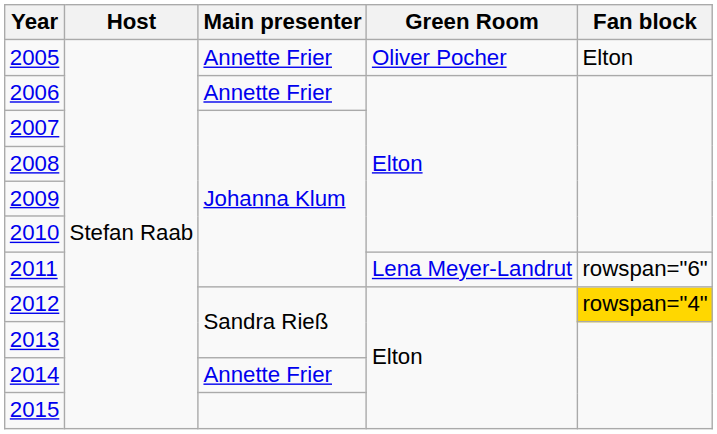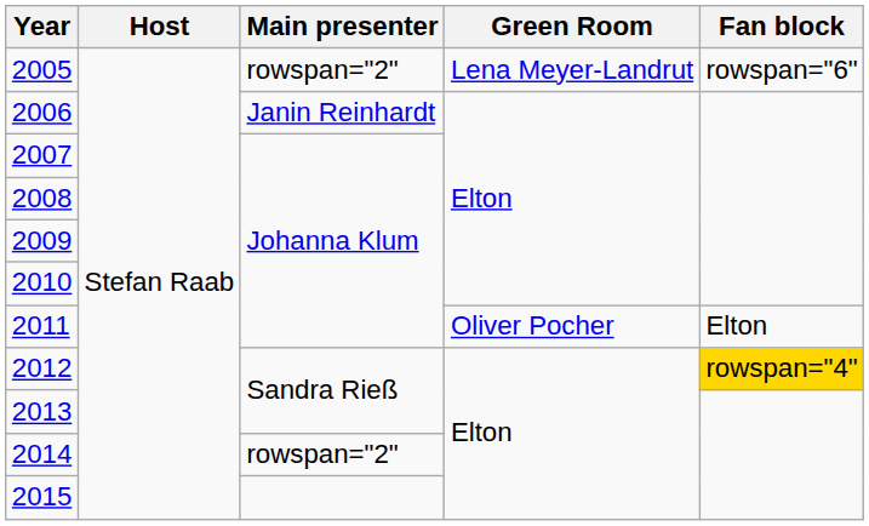 <table class="wikitable sortable">
 <tr>
 <th>Year</th>
 <th>Host</th>
 <th>Main presenter</th>
 <th>Green Room</th>
 <th>Fan block</th>
 </tr>
 <tr>
 <td><a href='#'>2005</a></td>
 <td rowspan="11">Stefan Raab</td>
-<td><a href='#'>Annette Frier</a></td>
-<td><a href='#'>Oliver Pocher</a></td>
-<td>Elton</td>
+<td>rowspan="2" </td>
+<td><a href='#'>Lena Meyer-Landrut</a></td>
+<td>rowspan="6" </td>
 </tr>
 <tr>
 <td><a href='#'>2006</a></td>
-<td><a href='#'>Annette Frier</a></td>
+<td><a href='#'>Janin Reinhardt</a></td>
 <td rowspan="5"><a href='#'>Elton</a></td>
 </tr>
 <tr>
 <td><a href='#'>2007</a></td>
 <td rowspan="5"><a href='#'>Johanna Klum</a></td>
 </tr>
 <tr>
 <td><a href='#'>2008</a></td>
 </tr>
 <tr>
 <td><a href='#'>2009</a></td>
 </tr>
 <tr>
 <td><a href='#'>2010</a></td>
 </tr>
 <tr>
 <td><a href='#'>2011</a></td>
-<td><a href='#'>Lena Meyer-Landrut</a></td>
-<td>rowspan="6" </td>
+<td><a href='#'>Oliver Pocher</a></td>
+<td>Elton</td>
 </tr>
 <tr>
 <td><a href='#'>2012</a></td>
 <td rowspan="2">Sandra Rieß</td>
 <td rowspan="4">Elton</td>
 <td style="background: gold;">rowspan="4" </td>
 </tr>
 <tr>
 <td><a href='#'>2013</a></td>
 </tr>
 <tr>
 <td><a href='#'>2014</a></td>
-<td><a href='#'>Annette Frier</a></td>
+<td>rowspan="2" </td>
 </tr>
 <tr>
 <td><a href='#'>2015</a></td>
 </tr>
 </table>
